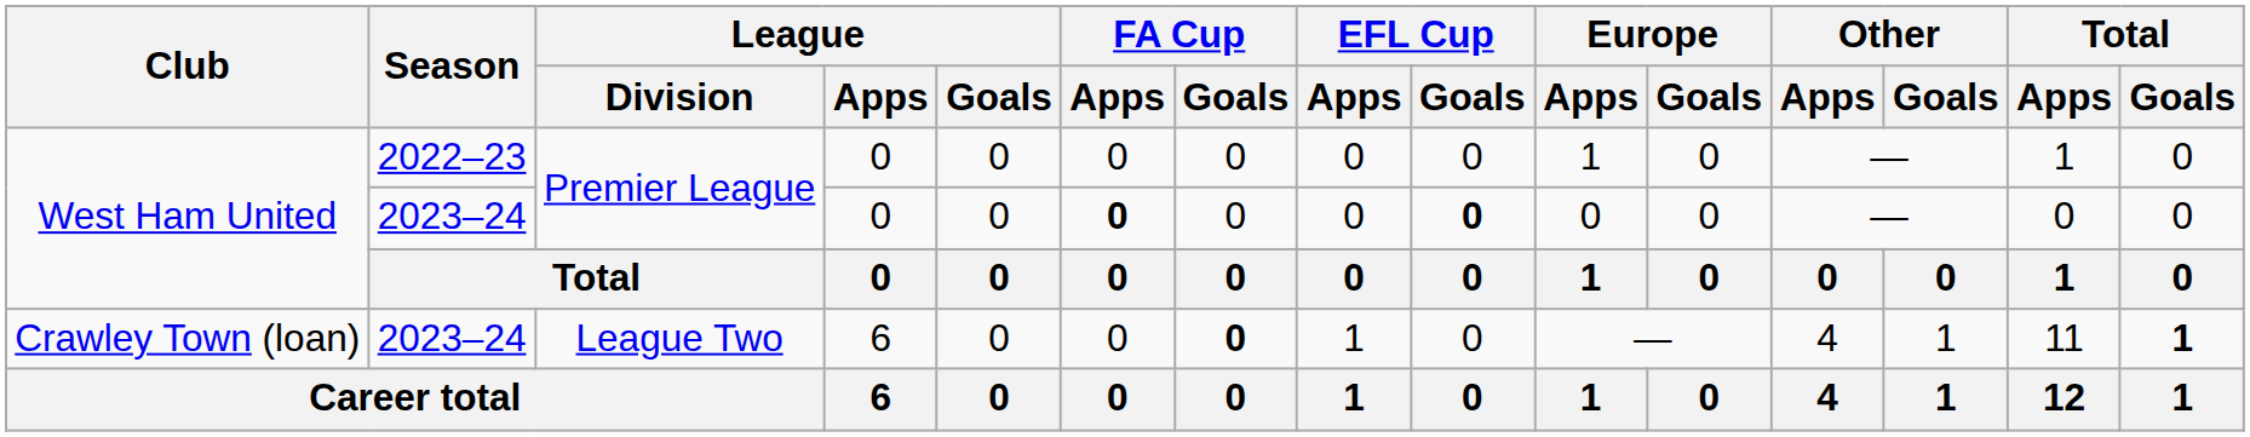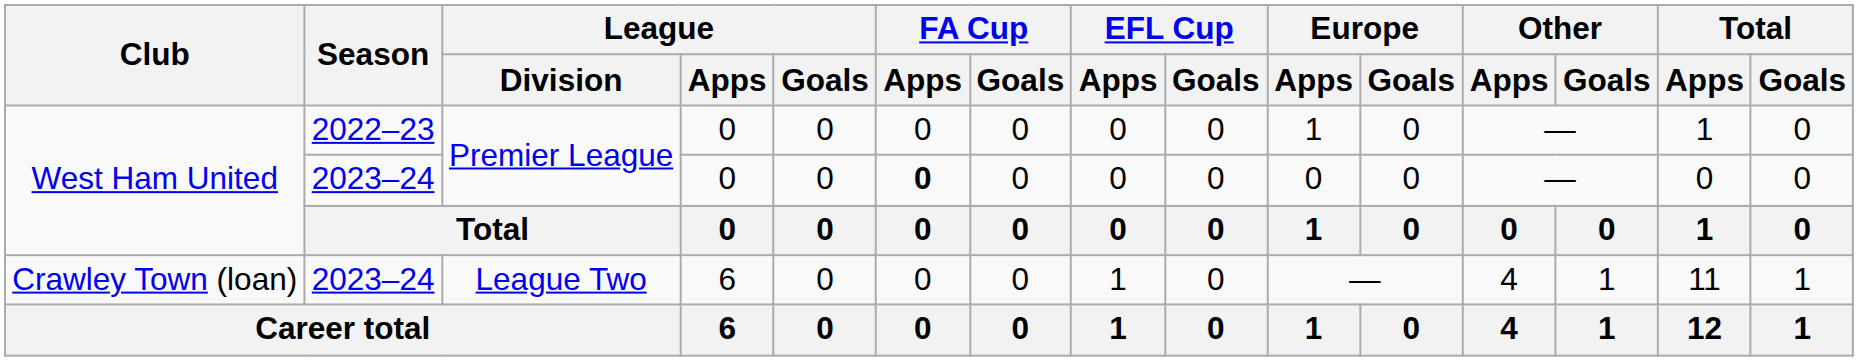 <table class=wikitable style=text-align:center>
 <tr>
 <th rowspan=2>Club</th>
 <th rowspan=2>Season</th>
 <th colspan=3>League</th>
 <th colspan=2><a href='#'>FA Cup</a></th>
 <th colspan=2><a href='#'>EFL Cup</a></th>
 <th colspan=2>Europe</th>
 <th colspan=2>Other</th>
 <th colspan=2>Total</th>
 </tr>
 <tr>
 <th>Division</th>
 <th>Apps</th>
 <th>Goals</th>
 <th>Apps</th>
 <th>Goals</th>
 <th>Apps</th>
 <th>Goals</th>
 <th>Apps</th>
 <th>Goals</th>
 <th>Apps</th>
 <th>Goals</th>
 <th>Apps</th>
 <th>Goals</th>
 </tr>
 <tr>
 <td rowspan="3"><a href='#'>West Ham United</a></td>
 <td><a href='#'>2022–23</a></td>
 <td rowspan="2"><a href='#'>Premier League</a></td>
 <td>0</td>
 <td>0</td>
 <td>0</td>
 <td>0</td>
 <td>0</td>
 <td>0</td>
 <td>1</td>
 <td>0</td>
 <td colspan=2>—</td>
 <td>1</td>
 <td>0</td>
 </tr>
 <tr>
 <td><a href='#'>2023–24</a></td>
 <td>0</td>
 <td>0</td>
 <td><strong>0</strong></td>
 <td>0</td>
 <td>0</td>
-<td><strong>0</strong></td>
+<td>0</td>
 <td>0</td>
 <td>0</td>
 <td colspan="2">—</td>
 <td>0</td>
 <td>0</td>
 </tr>
 <tr>
 <th colspan="2">Total</th>
 <th>0</th>
 <th>0</th>
 <th>0</th>
 <th>0</th>
 <th>0</th>
 <th>0</th>
 <th>1</th>
 <th>0</th>
 <th>0</th>
 <th>0</th>
 <th>1</th>
 <th>0</th>
 </tr>
 <tr>
 <td><a href='#'>Crawley Town</a> (loan)</td>
 <td><a href='#'>2023–24</a></td>
 <td><a href='#'>League Two</a></td>
 <td>6</td>
 <td>0</td>
 <td>0</td>
-<td><strong>0</strong></td>
+<td>0</td>
 <td>1</td>
 <td>0</td>
 <td colspan="2">—</td>
 <td>4</td>
 <td>1</td>
 <td>11</td>
-<td><strong>1</strong></td>
+<td>1</td>
 </tr>
 <tr>
 <th colspan=3>Career total</th>
 <th>6</th>
 <th>0</th>
 <th>0</th>
 <th>0</th>
 <th>1</th>
 <th>0</th>
 <th>1</th>
 <th>0</th>
 <th>4</th>
 <th>1</th>
 <th>12</th>
 <th>1</th>
 </tr>
 </table>
